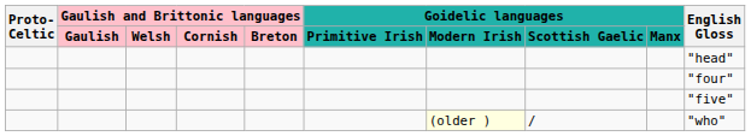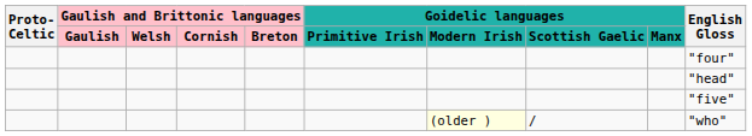 <table class="wikitable">
 <tr>
 <th scope="col" rowspan=2>Proto-<br>Celtic</th>
 <th scope="col" colspan=4 style="background:pink;">Gaulish and Brittonic languages</th>
 <th scope="col" colspan=4 style="background:lightseagreen;">Goidelic languages</th>
 <th scope="col" rowspan=2>English<br>Gloss</th>
 </tr>
 <tr>
 <th style="background:pink;">Gaulish</th>
 <th style="background:pink;">Welsh</th>
 <th style="background:pink;">Cornish</th>
 <th style="background:pink;">Breton</th>
 <th style="background:lightseagreen;">Primitive Irish</th>
 <th style="background:lightseagreen;">Modern Irish</th>
 <th style="background:lightseagreen;">Scottish Gaelic</th>
 <th style="background:lightseagreen;">Manx</th>
 </tr>
 <tr>
 <td></td>
 <td></td>
 <td></td>
 <td></td>
 <td></td>
 <td></td>
 <td></td>
 <td></td>
 <td></td>
-<td>"head"</td>
+<td>"four"</td>
 </tr>
 <tr>
 <td></td>
 <td></td>
 <td></td>
 <td></td>
 <td></td>
 <td></td>
 <td></td>
 <td></td>
 <td></td>
-<td>"four"</td>
+<td>"head"</td>
 </tr>
 <tr>
 <td></td>
 <td></td>
 <td></td>
 <td></td>
 <td></td>
 <td></td>
 <td></td>
 <td></td>
 <td></td>
 <td>"five"</td>
 </tr>
 <tr>
 <td></td>
 <td></td>
 <td></td>
 <td></td>
 <td></td>
 <td></td>
 <td style="background: lightyellow;"> (older )</td>
 <td>/</td>
 <td></td>
 <td>"who"</td>
 </tr>
 </table>
